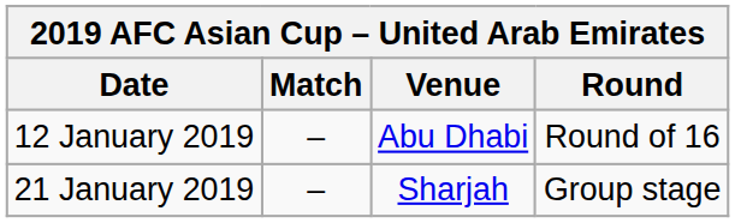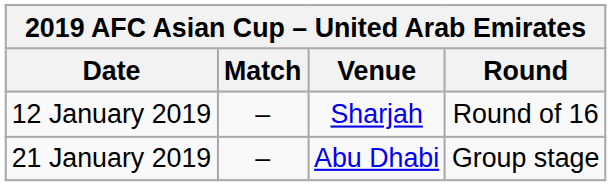 <table class="wikitable" style="margin:1em auto 1em auto; text-align:center; font-size:small;">
 <tr>
 <th colspan="4">2019 AFC Asian Cup – United Arab Emirates</th>
 </tr>
 <tr>
 <th>Date</th>
 <th>Match</th>
 <th>Venue</th>
 <th>Round</th>
 </tr>
 <tr>
 <td>12 January 2019</td>
 <td> – </td>
-<td><a href='#'>Abu Dhabi</a></td>
+<td><a href='#'>Sharjah</a></td>
 <td>Round of 16</td>
 </tr>
 <tr>
 <td>21 January 2019</td>
 <td> – </td>
-<td><a href='#'>Sharjah</a></td>
+<td><a href='#'>Abu Dhabi</a></td>
 <td>Group stage</td>
 </tr>
 </table>
